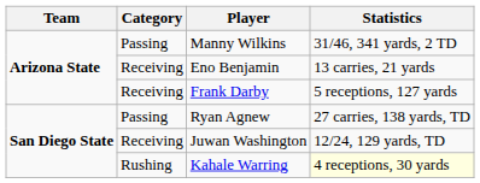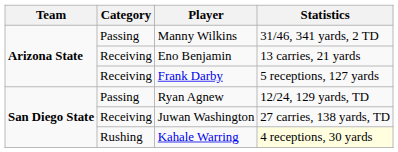 <table class="wikitable" style="float: right;">
 <tr>
 <th>Team</th>
 <th>Category</th>
 <th>Player</th>
 <th>Statistics</th>
 </tr>
 <tr>
 <td rowspan=3><strong>Arizona State</strong></td>
 <td>Passing</td>
 <td>Manny Wilkins</td>
 <td>31/46, 341 yards, 2 TD</td>
 </tr>
 <tr>
 <td>Receiving</td>
 <td>Eno Benjamin</td>
 <td>13 carries, 21 yards</td>
 </tr>
 <tr>
 <td>Receiving</td>
 <td><a href='#'>Frank Darby</a></td>
 <td>5 receptions, 127 yards</td>
 </tr>
 <tr>
 <td rowspan=3><strong>San Diego State</strong></td>
 <td>Passing</td>
 <td>Ryan Agnew</td>
-<td>27 carries, 138 yards, TD</td>
+<td>12/24, 129 yards, TD</td>
 </tr>
 <tr>
 <td>Receiving</td>
 <td>Juwan Washington</td>
-<td>12/24, 129 yards, TD</td>
+<td>27 carries, 138 yards, TD</td>
 </tr>
 <tr>
 <td>Rushing</td>
 <td><a href='#'>Kahale Warring</a></td>
 <td style="background: lightyellow;">4 receptions, 30 yards</td>
 </tr>
 </table>
